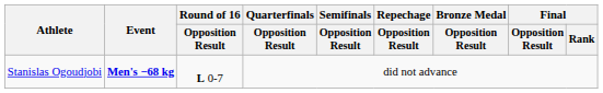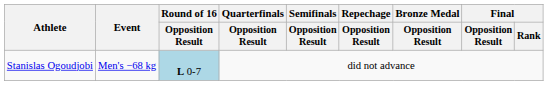 <table class="wikitable" style="font-size:90%">
 <tr>
 <th rowspan="2">Athlete</th>
 <th rowspan="2">Event</th>
 <th>Round of 16</th>
 <th>Quarterfinals</th>
 <th>Semifinals</th>
 <th>Repechage</th>
 <th>Bronze Medal</th>
 <th colspan=2>Final</th>
 </tr>
 <tr style="font-size:95%">
 <th>Opposition<br>Result</th>
 <th>Opposition<br>Result</th>
 <th>Opposition<br>Result</th>
 <th>Opposition<br>Result</th>
 <th>Opposition<br>Result</th>
 <th>Opposition<br>Result</th>
 <th>Rank</th>
 </tr>
 <tr align=center>
 <td align=left><a href='#'>Stanislas Ogoudjobi</a></td>
-<td align=left><strong><a href='#'>Men's −68 kg</a></strong></td>
-<td><br><strong>L</strong> 0-7</td>
+<td align=left><a href='#'>Men's −68 kg</a></td>
+<td style="background: lightblue;"><br><strong>L</strong> 0-7</td>
 <td colspan=6>did not advance</td>
 </tr>
 </table>
